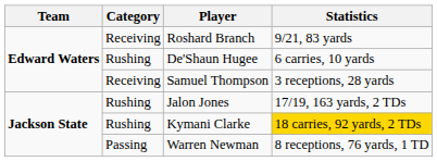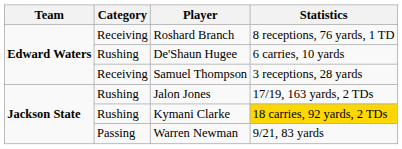 <table class="wikitable" style="float: left;">
 <tr>
 <th>Team</th>
 <th>Category</th>
 <th>Player</th>
 <th>Statistics</th>
 </tr>
 <tr>
 <td rowspan=3><strong>Edward Waters</strong></td>
 <td>Receiving</td>
 <td>Roshard Branch</td>
-<td>9/21, 83 yards</td>
+<td>8 receptions, 76 yards, 1 TD</td>
 </tr>
 <tr>
 <td>Rushing</td>
 <td>De'Shaun Hugee</td>
 <td>6 carries, 10 yards</td>
 </tr>
 <tr>
 <td>Receiving</td>
 <td>Samuel Thompson</td>
 <td>3 receptions, 28 yards</td>
 </tr>
 <tr>
 <td rowspan=3><strong>Jackson State</strong></td>
 <td>Rushing</td>
 <td>Jalon Jones</td>
 <td>17/19, 163 yards, 2 TDs</td>
 </tr>
 <tr>
 <td>Rushing</td>
 <td>Kymani Clarke</td>
 <td style="background: gold;">18 carries, 92 yards, 2 TDs</td>
 </tr>
 <tr>
 <td>Passing</td>
 <td>Warren Newman</td>
-<td>8 receptions, 76 yards, 1 TD</td>
+<td>9/21, 83 yards</td>
 </tr>
 </table>
